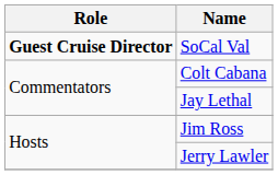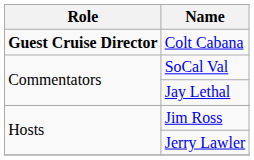 <table class=wikitable style=>
 <tr>
 <th>Role</th>
 <th>Name</th>
 </tr>
 <tr>
 <td><strong>Guest Cruise Director</strong></td>
-<td><a href='#'>SoCal Val</a></td>
+<td><a href='#'>Colt Cabana</a></td>
 </tr>
 <tr>
 <td rowspan=2>Commentators</td>
-<td><a href='#'>Colt Cabana</a></td>
+<td><a href='#'>SoCal Val</a></td>
 </tr>
 <tr>
 <td><a href='#'>Jay Lethal</a></td>
 </tr>
 <tr>
 <td rowspan=3>Hosts</td>
 </tr>
 <tr>
 <td><a href='#'>Jim Ross</a></td>
 </tr>
 <tr>
 <td><a href='#'>Jerry Lawler</a></td>
 </tr>
 <tr>
 </tr>
 </table>
